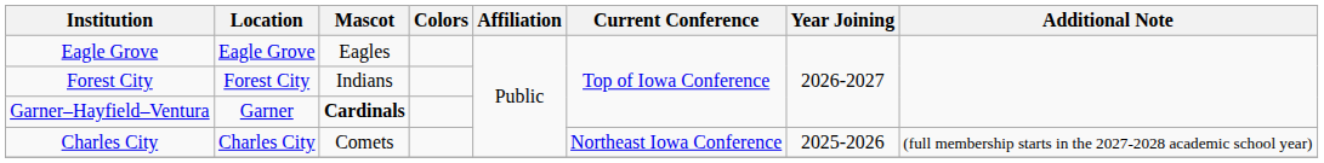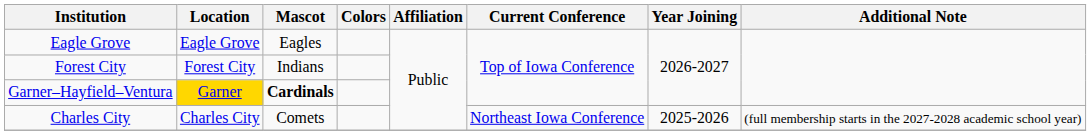 <table class="wikitable" style="text-align: center;">
 <tr>
 <th>Institution</th>
 <th>Location</th>
 <th>Mascot</th>
 <th>Colors</th>
 <th>Affiliation</th>
 <th>Current Conference</th>
 <th>Year Joining</th>
 <th>Additional Note</th>
 </tr>
 <tr>
 <td><a href='#'>Eagle Grove</a></td>
 <td><a href='#'>Eagle Grove</a></td>
 <td>Eagles</td>
 <td> </td>
 <td rowspan="4">Public</td>
 <td rowspan="3"><a href='#'>Top of Iowa Conference</a></td>
 <td rowspan="3">2026-2027</td>
 </tr>
 <tr>
 <td><a href='#'>Forest City</a></td>
 <td><a href='#'>Forest City</a></td>
 <td>Indians</td>
 <td> </td>
 </tr>
 <tr>
 <td><a href='#'>Garner–Hayfield–Ventura</a></td>
-<td><a href='#'>Garner</a></td>
+<td style="background: gold;"><a href='#'>Garner</a></td>
 <td><strong>Cardinals</strong></td>
 <td> </td>
 </tr>
 <tr>
 <td><a href='#'>Charles City</a></td>
 <td><a href='#'>Charles City</a></td>
 <td>Comets</td>
 <td> </td>
 <td><a href='#'>Northeast Iowa Conference</a></td>
 <td>2025-2026</td>
 <td><small>(full membership starts in the 2027-2028 academic school year)</small></td>
 </tr>
 <tr>
 </tr>
 </table>
